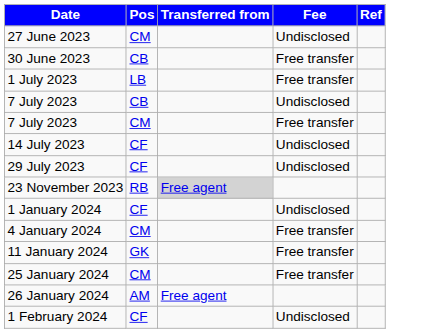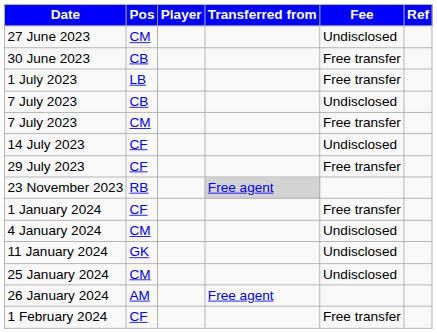 <table class="wikitable plainrowheaders sortable">
 <tr>
 <th style="background:#0000FF;color:white;">Date</th>
 <th style="background:#0000FF;color:white;">Pos</th>
+<th style="background:#0000FF;color:white;">Player</th>
 <th style="background:#0000FF;color:white;">Transferred from</th>
 <th style="background:#0000FF;color:white;">Fee</th>
 <th style="background:#0000FF;color:white;">Ref</th>
 </tr>
 <tr>
 <td>27 June 2023</td>
 <td><a href='#'>CM</a></td>
 <td></td>
+<td></td>
 <td>Undisclosed</td>
 <td></td>
 </tr>
 <tr>
 <td>30 June 2023</td>
 <td><a href='#'>CB</a></td>
+<td></td>
 <td></td>
 <td>Free transfer</td>
 <td></td>
 </tr>
 <tr>
 <td>1 July 2023</td>
 <td><a href='#'>LB</a></td>
 <td></td>
+<td></td>
 <td>Free transfer</td>
 <td></td>
 </tr>
 <tr>
 <td>7 July 2023</td>
 <td><a href='#'>CB</a></td>
+<td></td>
 <td></td>
 <td>Undisclosed</td>
 <td></td>
 </tr>
 <tr>
 <td>7 July 2023</td>
 <td><a href='#'>CM</a></td>
 <td></td>
+<td></td>
 <td>Free transfer</td>
 <td></td>
 </tr>
 <tr>
 <td>14 July 2023</td>
 <td><a href='#'>CF</a></td>
+<td></td>
 <td></td>
 <td>Undisclosed</td>
 <td></td>
 </tr>
 <tr>
 <td>29 July 2023</td>
 <td><a href='#'>CF</a></td>
 <td></td>
-<td>Undisclosed</td>
+<td></td>
+<td>Free transfer</td>
 <td></td>
 </tr>
 <tr>
 <td>23 November 2023</td>
 <td><a href='#'>RB</a></td>
+<td></td>
 <td style="background: lightgrey;"><a href='#'>Free agent</a></td>
 <td></td>
 <td></td>
 </tr>
 <tr>
 <td>1 January 2024</td>
 <td><a href='#'>CF</a></td>
 <td></td>
-<td>Undisclosed</td>
+<td></td>
+<td>Free transfer</td>
 <td></td>
 </tr>
 <tr>
 <td>4 January 2024</td>
 <td><a href='#'>CM</a></td>
 <td></td>
-<td>Free transfer</td>
+<td></td>
+<td>Undisclosed</td>
 <td></td>
 </tr>
 <tr>
 <td>11 January 2024</td>
 <td><a href='#'>GK</a></td>
 <td></td>
-<td>Free transfer</td>
+<td></td>
+<td>Undisclosed</td>
 <td></td>
 </tr>
 <tr>
 <td>25 January 2024</td>
 <td><a href='#'>CM</a></td>
 <td></td>
-<td>Free transfer</td>
+<td></td>
+<td>Undisclosed</td>
 <td></td>
 </tr>
 <tr>
 <td>26 January 2024</td>
 <td><a href='#'>AM</a></td>
+<td></td>
 <td><a href='#'>Free agent</a></td>
 <td></td>
 <td></td>
 </tr>
 <tr>
 <td>1 February 2024</td>
 <td><a href='#'>CF</a></td>
 <td></td>
-<td>Undisclosed</td>
+<td></td>
+<td>Free transfer</td>
 <td></td>
 </tr>
 </table>
